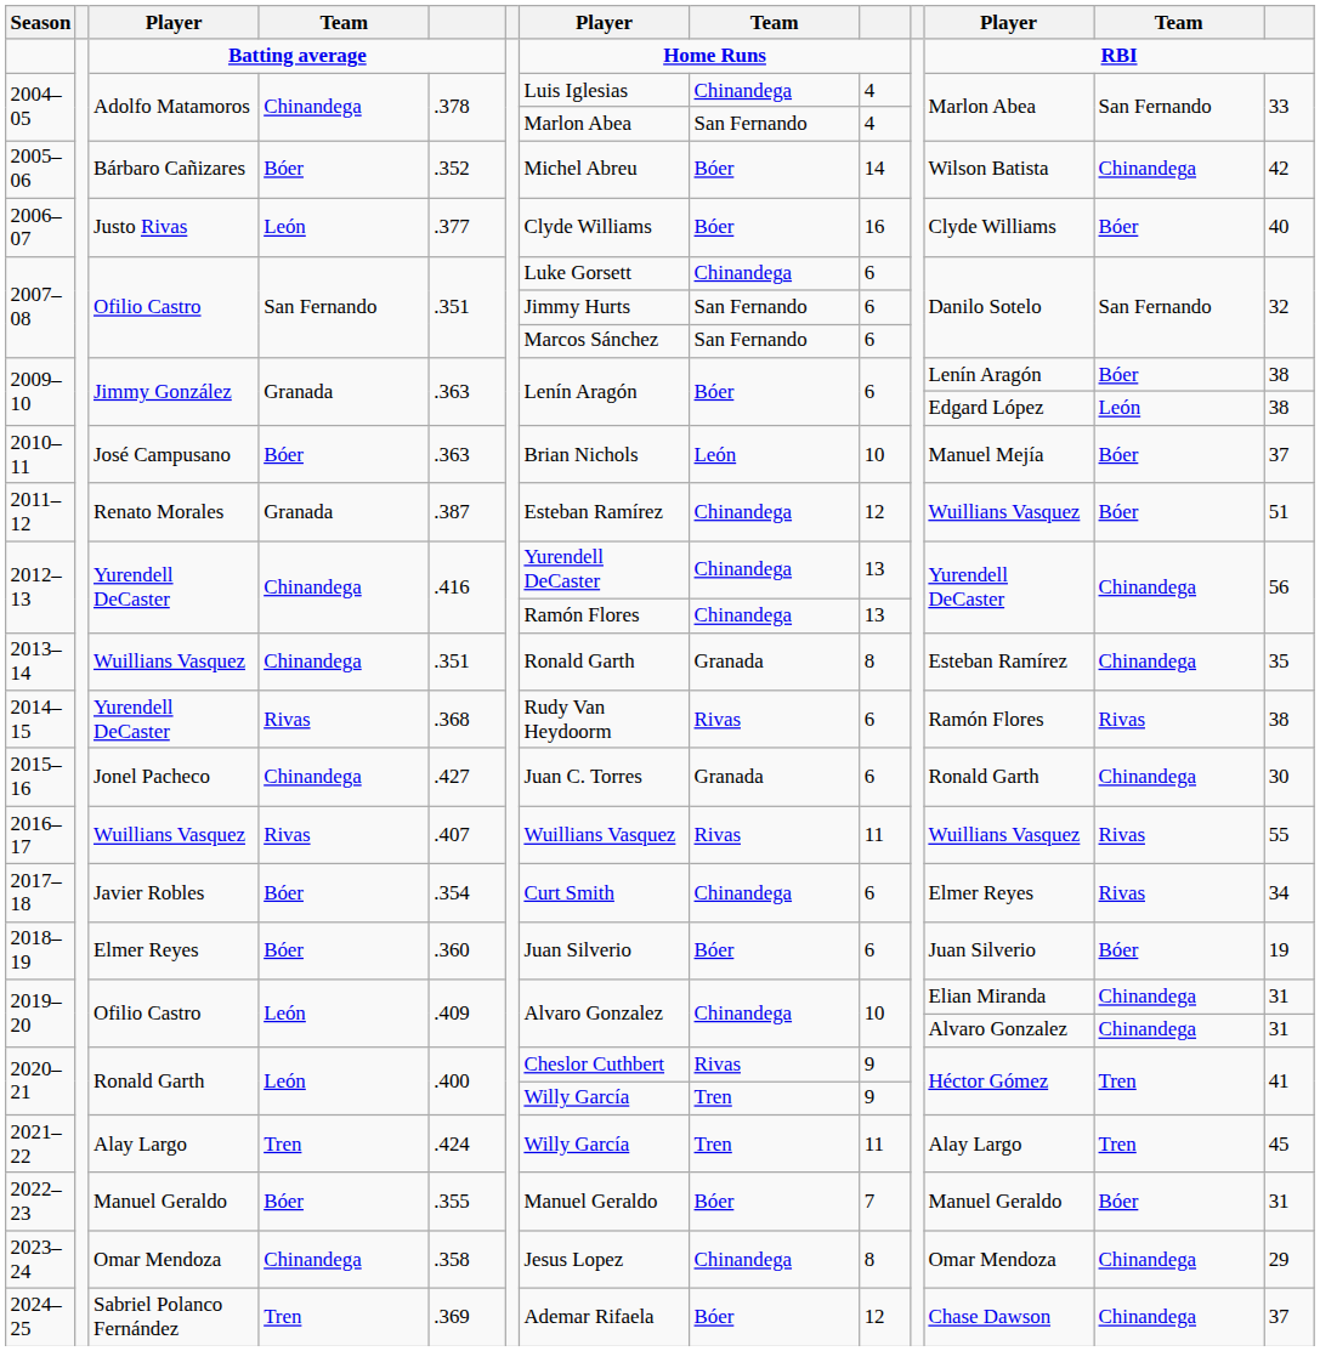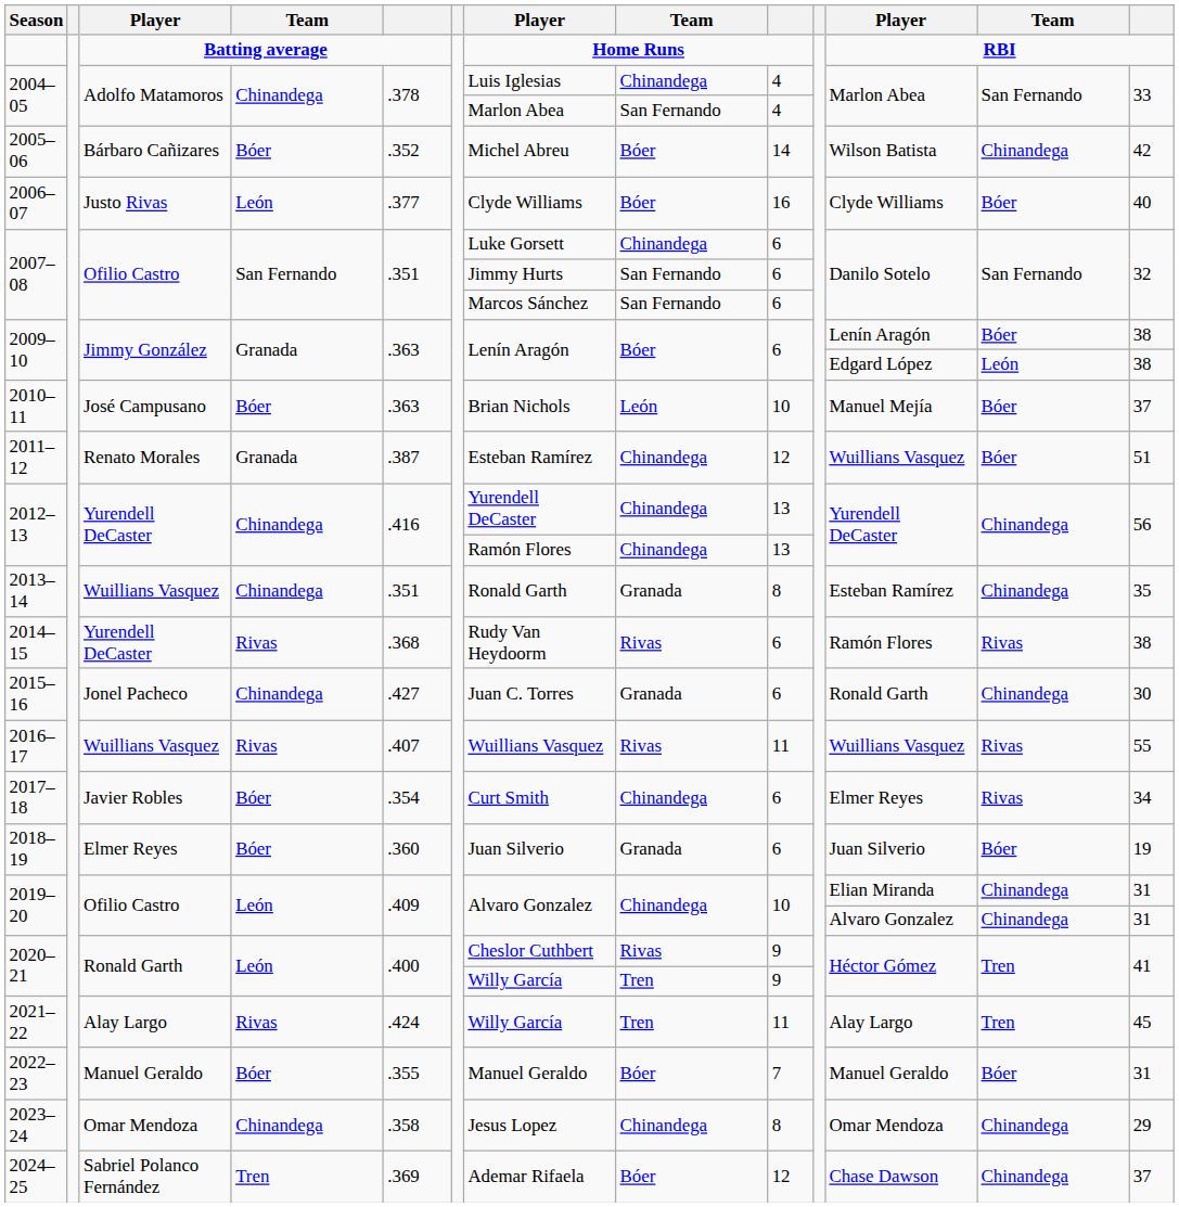 <table class="wikitable sortable" style="clear: both; font-size:85%" ">
 <tr style="text-align:center;">
 <th width=4%>Season</th>
 <th width=1% class=unsortable style="border-top:none;border-bottom:none;"></th>
 <th width=13%>Player</th>
 <th width=13%>Team</th>
 <th></th>
 <th width=1% class=unsortable style="border-top:none;border-bottom:none;"></th>
 <th width=13%>Player</th>
 <th width=13%>Team</th>
 <th></th>
 <th width=1% class=unsortable style="border-top:none;border-bottom:none;"></th>
 <th width=13%>Player</th>
 <th width=13%>Team</th>
 <th></th>
 </tr>
 <tr>
 <td></td>
 <td style="border-bottom:none;"></td>
 <td class=unsortable colspan="3" style="text-align:center;"><strong><a href='#'>Batting average</a></strong></td>
 <td style="border-bottom:none;"></td>
 <td class=unsortable colspan="3" style="text-align:center;"><strong><a href='#'>Home Runs</a></strong></td>
 <td class=unsortable style="border-bottom:none;"></td>
 <td colspan="3" style="text-align:center;"><strong><a href='#'>RBI</a></strong></td>
 </tr>
 <tr>
 <td rowspan=2>2004–05</td>
 <td width=1% class=unsortable rowspan=28 style="border-top:none;border-bottom:none;"></td>
 <td rowspan=2>Adolfo Matamoros</td>
 <td rowspan=2><a href='#'>Chinandega</a></td>
 <td rowspan=2>.378</td>
 <td width=1% class=unsortable rowspan=28 style="border-top:none;border-bottom:none;"></td>
 <td>Luis Iglesias</td>
 <td><a href='#'>Chinandega</a></td>
 <td>4</td>
 <td width=1% class=unsortable rowspan=28 style="border-top:none;border-bottom:none;"></td>
 <td rowspan=2>Marlon Abea</td>
 <td rowspan=2>San Fernando</td>
 <td rowspan=2>33</td>
 </tr>
 <tr>
 <td>Marlon Abea</td>
 <td>San Fernando</td>
 <td>4</td>
 </tr>
 <tr>
 <td>2005–06</td>
 <td>Bárbaro Cañizares</td>
 <td><a href='#'>Bóer</a></td>
 <td>.352</td>
 <td>Michel Abreu</td>
 <td><a href='#'>Bóer</a></td>
 <td>14</td>
 <td>Wilson Batista</td>
 <td><a href='#'>Chinandega</a></td>
 <td>42</td>
 </tr>
 <tr>
 <td>2006–07</td>
 <td>Justo <a href='#'>Rivas</a></td>
 <td><a href='#'>León</a></td>
 <td>.377</td>
 <td>Clyde Williams</td>
 <td><a href='#'>Bóer</a></td>
 <td>16</td>
 <td>Clyde Williams</td>
 <td><a href='#'>Bóer</a></td>
 <td>40</td>
 </tr>
 <tr>
 <td rowspan=3>2007–08</td>
 <td rowspan=3><a href='#'>Ofilio Castro</a></td>
 <td rowspan=3>San Fernando</td>
 <td rowspan=3>.351</td>
 <td>Luke Gorsett</td>
 <td><a href='#'>Chinandega</a></td>
 <td>6</td>
 <td rowspan=3>Danilo Sotelo</td>
 <td rowspan=3>San Fernando</td>
 <td rowspan=3>32</td>
 </tr>
 <tr>
 <td>Jimmy Hurts</td>
 <td>San Fernando</td>
 <td>6</td>
 </tr>
 <tr>
 <td>Marcos Sánchez</td>
 <td>San Fernando</td>
 <td>6</td>
 </tr>
 <tr>
 <td rowspan=2>2009–10</td>
 <td rowspan=2><a href='#'>Jimmy González</a></td>
 <td rowspan=2>Granada</td>
 <td rowspan=2>.363</td>
 <td rowspan=2>Lenín Aragón</td>
 <td rowspan=2><a href='#'>Bóer</a></td>
 <td rowspan=2>6</td>
 <td>Lenín Aragón</td>
 <td><a href='#'>Bóer</a></td>
 <td>38</td>
 </tr>
 <tr>
 <td>Edgard López</td>
 <td><a href='#'>León</a></td>
 <td>38</td>
 </tr>
 <tr>
 <td>2010–11</td>
 <td>José Campusano</td>
 <td><a href='#'>Bóer</a></td>
 <td>.363</td>
 <td>Brian Nichols</td>
 <td><a href='#'>León</a></td>
 <td>10</td>
 <td>Manuel Mejía</td>
 <td><a href='#'>Bóer</a></td>
 <td>37</td>
 </tr>
 <tr>
 <td>2011–12</td>
 <td>Renato Morales</td>
 <td>Granada</td>
 <td>.387</td>
 <td>Esteban Ramírez</td>
 <td><a href='#'>Chinandega</a></td>
 <td>12</td>
 <td><a href='#'>Wuillians Vasquez</a></td>
 <td><a href='#'>Bóer</a></td>
 <td>51</td>
 </tr>
 <tr>
 <td rowspan=2>2012–13</td>
 <td rowspan=2><a href='#'>Yurendell DeCaster</a></td>
 <td rowspan=2><a href='#'>Chinandega</a></td>
 <td rowspan=2>.416</td>
 <td><a href='#'>Yurendell DeCaster</a></td>
 <td><a href='#'>Chinandega</a></td>
 <td>13</td>
 <td rowspan=2><a href='#'>Yurendell DeCaster</a></td>
 <td rowspan=2><a href='#'>Chinandega</a></td>
 <td rowspan=2>56</td>
 </tr>
 <tr>
 <td>Ramón Flores</td>
 <td><a href='#'>Chinandega</a></td>
 <td>13</td>
 </tr>
 <tr>
 <td>2013–14</td>
 <td><a href='#'>Wuillians Vasquez</a></td>
 <td><a href='#'>Chinandega</a></td>
 <td>.351</td>
 <td>Ronald Garth</td>
 <td>Granada</td>
 <td>8</td>
 <td>Esteban Ramírez</td>
 <td><a href='#'>Chinandega</a></td>
 <td>35</td>
 </tr>
 <tr>
 <td>2014–15</td>
 <td><a href='#'>Yurendell DeCaster</a></td>
 <td><a href='#'>Rivas</a></td>
 <td>.368</td>
 <td>Rudy Van Heydoorm</td>
 <td><a href='#'>Rivas</a></td>
 <td>6</td>
 <td>Ramón Flores</td>
 <td><a href='#'>Rivas</a></td>
 <td>38</td>
 </tr>
 <tr>
 <td>2015–16</td>
 <td>Jonel Pacheco</td>
 <td><a href='#'>Chinandega</a></td>
 <td>.427</td>
 <td>Juan C. Torres</td>
 <td>Granada</td>
 <td>6</td>
 <td>Ronald Garth</td>
 <td><a href='#'>Chinandega</a></td>
 <td>30</td>
 </tr>
 <tr>
 <td>2016–17</td>
 <td><a href='#'>Wuillians Vasquez</a></td>
 <td><a href='#'>Rivas</a></td>
 <td>.407</td>
 <td><a href='#'>Wuillians Vasquez</a></td>
 <td><a href='#'>Rivas</a></td>
 <td>11</td>
 <td><a href='#'>Wuillians Vasquez</a></td>
 <td><a href='#'>Rivas</a></td>
 <td>55</td>
 </tr>
 <tr>
 <td>2017–18</td>
 <td>Javier Robles</td>
 <td><a href='#'>Bóer</a></td>
 <td>.354</td>
 <td><a href='#'>Curt Smith</a></td>
 <td><a href='#'>Chinandega</a></td>
 <td>6</td>
 <td>Elmer Reyes</td>
 <td><a href='#'>Rivas</a></td>
 <td>34</td>
 </tr>
 <tr>
 <td>2018–19</td>
 <td>Elmer Reyes</td>
 <td><a href='#'>Bóer</a></td>
 <td>.360</td>
 <td>Juan Silverio</td>
-<td><a href='#'>Bóer</a></td>
+<td>Granada</td>
 <td>6</td>
 <td>Juan Silverio</td>
 <td><a href='#'>Bóer</a></td>
 <td>19</td>
 </tr>
 <tr>
 <td rowspan=2>2019–20</td>
 <td rowspan=2>Ofilio Castro</td>
 <td rowspan=2><a href='#'>León</a></td>
 <td rowspan=2>.409</td>
 <td rowspan=2>Alvaro Gonzalez</td>
 <td rowspan=2><a href='#'>Chinandega</a></td>
 <td rowspan=2>10</td>
 <td>Elian Miranda</td>
 <td><a href='#'>Chinandega</a></td>
 <td>31</td>
 </tr>
 <tr>
 <td>Alvaro Gonzalez</td>
 <td><a href='#'>Chinandega</a></td>
 <td>31</td>
 </tr>
 <tr>
 <td rowspan=2>2020–21</td>
 <td rowspan=2>Ronald Garth</td>
 <td rowspan=2><a href='#'>León</a></td>
 <td rowspan=2>.400</td>
 <td><a href='#'>Cheslor Cuthbert</a></td>
 <td><a href='#'>Rivas</a></td>
 <td>9</td>
 <td rowspan=2><a href='#'>Héctor Gómez</a></td>
 <td rowspan=2><a href='#'>Tren</a></td>
 <td rowspan=2>41</td>
 </tr>
 <tr>
 <td><a href='#'>Willy García</a></td>
 <td><a href='#'>Tren</a></td>
 <td>9</td>
 </tr>
 <tr>
 <td>2021–22</td>
 <td>Alay Largo</td>
-<td><a href='#'>Tren</a></td>
+<td><a href='#'>Rivas</a></td>
 <td>.424</td>
 <td><a href='#'>Willy García</a></td>
 <td><a href='#'>Tren</a></td>
 <td>11</td>
 <td>Alay Largo</td>
 <td><a href='#'>Tren</a></td>
 <td>45</td>
 </tr>
 <tr>
 <td>2022–23</td>
 <td>Manuel Geraldo</td>
 <td><a href='#'>Bóer</a></td>
 <td>.355</td>
 <td>Manuel Geraldo</td>
 <td><a href='#'>Bóer</a></td>
 <td>7</td>
 <td>Manuel Geraldo</td>
 <td><a href='#'>Bóer</a></td>
 <td>31</td>
 </tr>
 <tr>
 <td>2023–24</td>
 <td>Omar Mendoza</td>
 <td><a href='#'>Chinandega</a></td>
 <td>.358</td>
 <td>Jesus Lopez</td>
 <td><a href='#'>Chinandega</a></td>
 <td>8</td>
 <td>Omar Mendoza</td>
 <td><a href='#'>Chinandega</a></td>
 <td>29</td>
 </tr>
 <tr>
 <td>2024–25</td>
 <td>Sabriel Polanco Fernández</td>
 <td><a href='#'>Tren</a></td>
 <td>.369</td>
 <td>Ademar Rifaela</td>
 <td><a href='#'>Bóer</a></td>
 <td>12</td>
 <td><a href='#'>Chase Dawson</a></td>
 <td><a href='#'>Chinandega</a></td>
 <td>37</td>
 </tr>
 </table>
